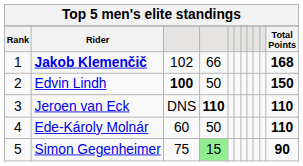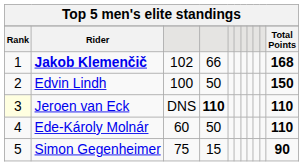 <table class="wikitable sortable">
 <tr>
 <th colspan=12 align="center"><strong>Top 5 men's elite standings</strong></th>
 </tr>
 <tr>
 </tr>
 <tr style="font-size:8pt;font-weight:bold">
 <th align="center">Rank</th>
 <th align="center">Rider</th>
 <th class=unsortable style="background:#E5E4E2;"><small></small></th>
 <th class=unsortable style="background:#E5E4E2;"><small></small></th>
 <th class=unsortable style="background:#E5E4E2;"><small></small></th>
 <th class=unsortable style="background:#E5E4E2;"><small></small></th>
 <th class=unsortable style="background:#E5E4E2;"><small></small></th>
 <th class=unsortable style="background:#E5E4E2;"><small></small></th>
 <th class=unsortable style="background:#E5E4E2;"><small></small></th>
 <th class=unsortable style="background:#E5E4E2;"><small></small></th>
 <th align="center">Total<br>Points</th>
 </tr>
 <tr>
 <td align=center>1</td>
 <td> <strong><a href='#'>Jakob Klemenčič</a></strong></td>
 <td align=center>102</td>
 <td align=center>66</td>
 <td align=center></td>
 <td align=center></td>
 <td align=center></td>
 <td align=center></td>
 <td align=center></td>
 <td align=center></td>
 <td align=center><strong>168</strong></td>
 </tr>
 <tr>
 <td align=center>2</td>
 <td> <a href='#'>Edvin Lindh</a></td>
-<td align=center><strong>100</strong></td>
+<td align=center>100</td>
 <td align=center>50</td>
 <td align=center></td>
 <td align=center></td>
 <td align=center></td>
 <td align=center></td>
 <td align=center></td>
 <td align=center></td>
 <td align=center><strong>150</strong></td>
 </tr>
 <tr>
-<td align=center>3</td>
+<td align=center style="background: lightyellow;">3</td>
 <td> <a href='#'>Jeroen van Eck</a></td>
 <td align=center>DNS</td>
 <td align=center><strong>110</strong></td>
 <td align=center></td>
 <td align=center></td>
 <td align=center></td>
 <td align=center></td>
 <td align=center></td>
 <td align=center></td>
 <td align=center><strong>110</strong></td>
 </tr>
 <tr>
 <td align=center>4</td>
 <td> <a href='#'>Ede-Károly Molnár</a></td>
 <td align=center>60</td>
 <td align=center>50</td>
 <td align=center></td>
 <td align=center></td>
 <td align=center></td>
 <td align=center></td>
 <td align=center></td>
 <td align=center></td>
 <td align=center><strong>110</strong></td>
 </tr>
 <tr>
 <td align=center>5</td>
 <td> <a href='#'>Simon Gegenheimer</a></td>
 <td align=center>75</td>
-<td align=center style="background: lightgreen;">15</td>
+<td align=center>15</td>
 <td align=center></td>
 <td align=center></td>
 <td align=center></td>
 <td align=center></td>
 <td align=center></td>
 <td align=center></td>
 <td align=center><strong>90</strong><br></td>
 </tr>
 </table>
